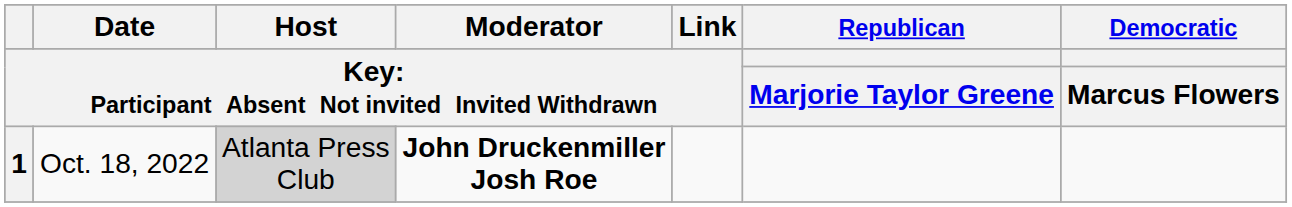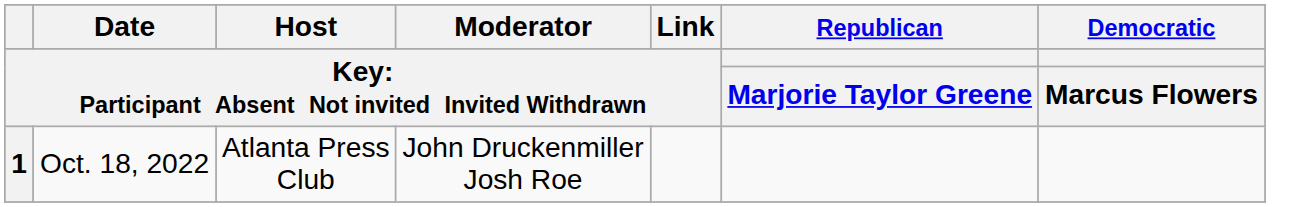 <table class="wikitable" style="text-align:center;">
 <tr>
 <th scope="col"></th>
 <th scope="col">Date</th>
 <th scope="col">Host</th>
 <th scope="col">Moderator</th>
 <th scope="col">Link</th>
 <th scope="col"><small><a href='#'>Republican</a></small></th>
 <th scope="col"><small><a href='#'>Democratic</a></small></th>
 </tr>
 <tr>
 <th colspan="5" rowspan="2">Key:<br> <small>Participant </small>  <small>Absent </small>  <small>Not invited </small>  <small>Invited  Withdrawn</small></th>
 <th scope="col" style="background:"></th>
 <th scope="col" style="background:"></th>
 </tr>
 <tr>
 <th scope="col"><a href='#'>Marjorie Taylor Greene</a></th>
 <th scope="col">Marcus Flowers</th>
 </tr>
 <tr>
 <th>1</th>
 <td style="white-space:nowrap;">Oct. 18, 2022</td>
-<td style="background: lightgrey; white-space:nowrap;">Atlanta Press<br>Club</td>
-<td style="white-space:nowrap;"><strong>John Druckenmiller<br>Josh Roe</strong></td>
+<td style="white-space:nowrap;">Atlanta Press<br>Club</td>
+<td style="white-space:nowrap;">John Druckenmiller<br>Josh Roe</td>
 <td style="white-space:nowrap;"></td>
 <td></td>
 <td></td>
 </tr>
 </table>
